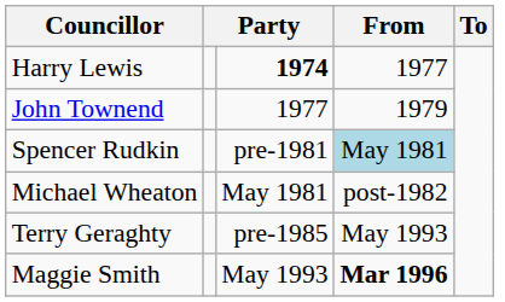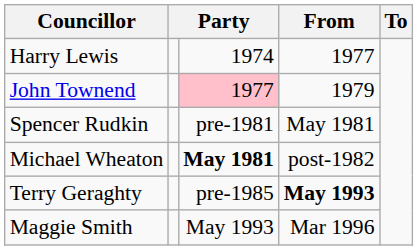 <table class=wikitable>
 <tr>
 <th>Councillor</th>
 <th colspan=2>Party</th>
 <th>From</th>
 <th>To</th>
 </tr>
 <tr>
 <td>Harry Lewis</td>
 <td></td>
-<td align=right><strong>1974</strong></td>
+<td align=right>1974</td>
 <td align=right>1977</td>
 </tr>
 <tr>
 <td><a href='#'>John Townend</a></td>
 <td></td>
-<td align=right>1977</td>
+<td align=right style="background: pink;">1977</td>
 <td align=right>1979</td>
 </tr>
 <tr>
 <td>Spencer Rudkin</td>
 <td></td>
 <td align=right>pre-1981</td>
-<td align=right style="background: lightblue;">May 1981</td>
+<td align=right>May 1981</td>
 </tr>
 <tr>
 <td>Michael Wheaton</td>
 <td></td>
-<td align=right>May 1981</td>
+<td align=right><strong>May 1981</strong></td>
 <td align=right>post-1982</td>
 </tr>
 <tr>
 <td>Terry Geraghty</td>
 <td></td>
 <td align=right>pre-1985</td>
-<td align=right>May 1993</td>
+<td align=right><strong>May 1993</strong></td>
 </tr>
 <tr>
 <td>Maggie Smith</td>
 <td></td>
 <td align=right>May 1993</td>
-<td align=right><strong>Mar 1996</strong></td>
+<td align=right>Mar 1996</td>
 </tr>
 </table>
